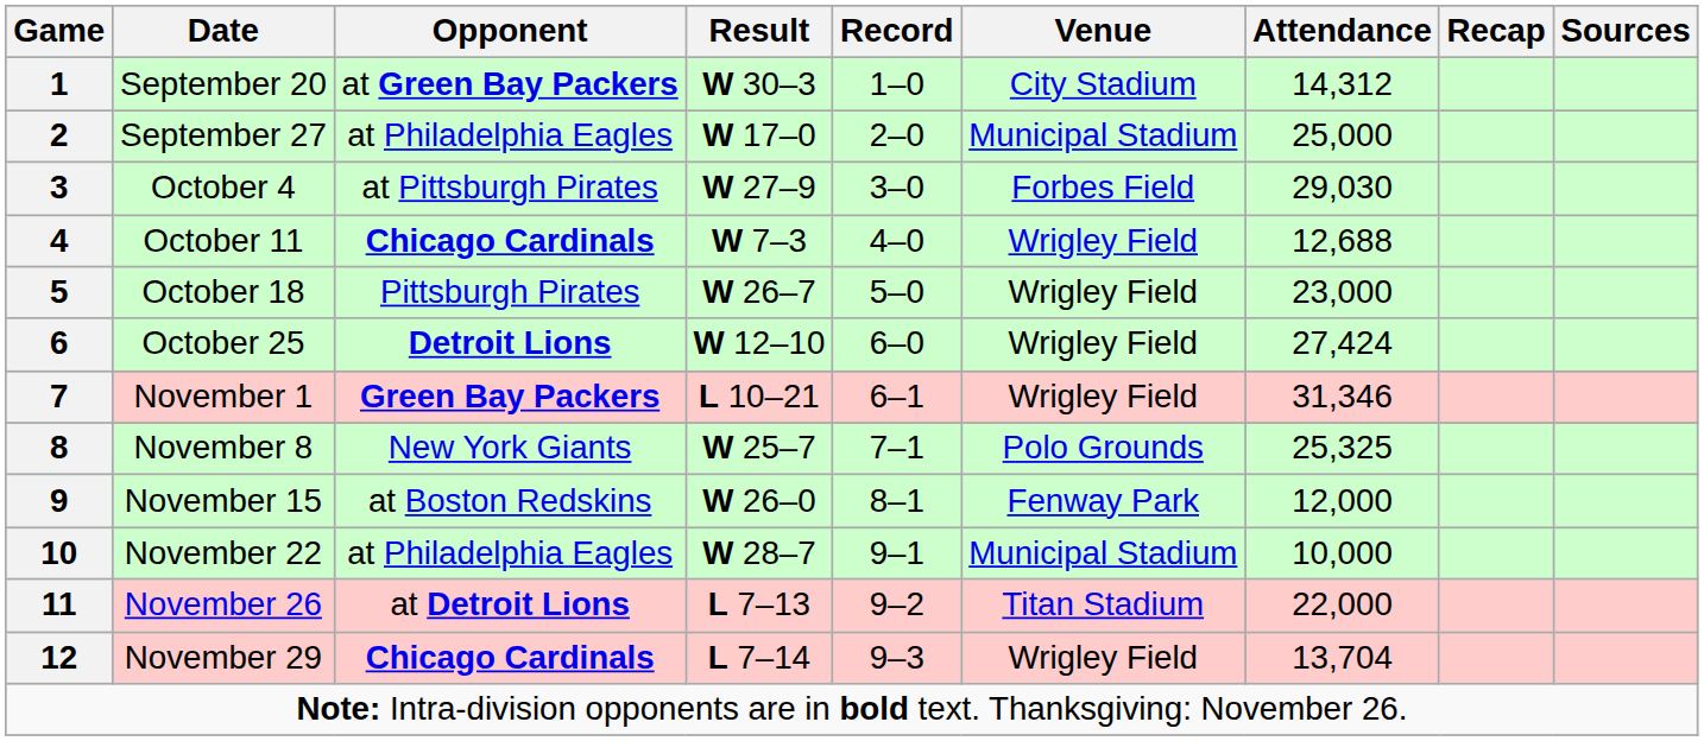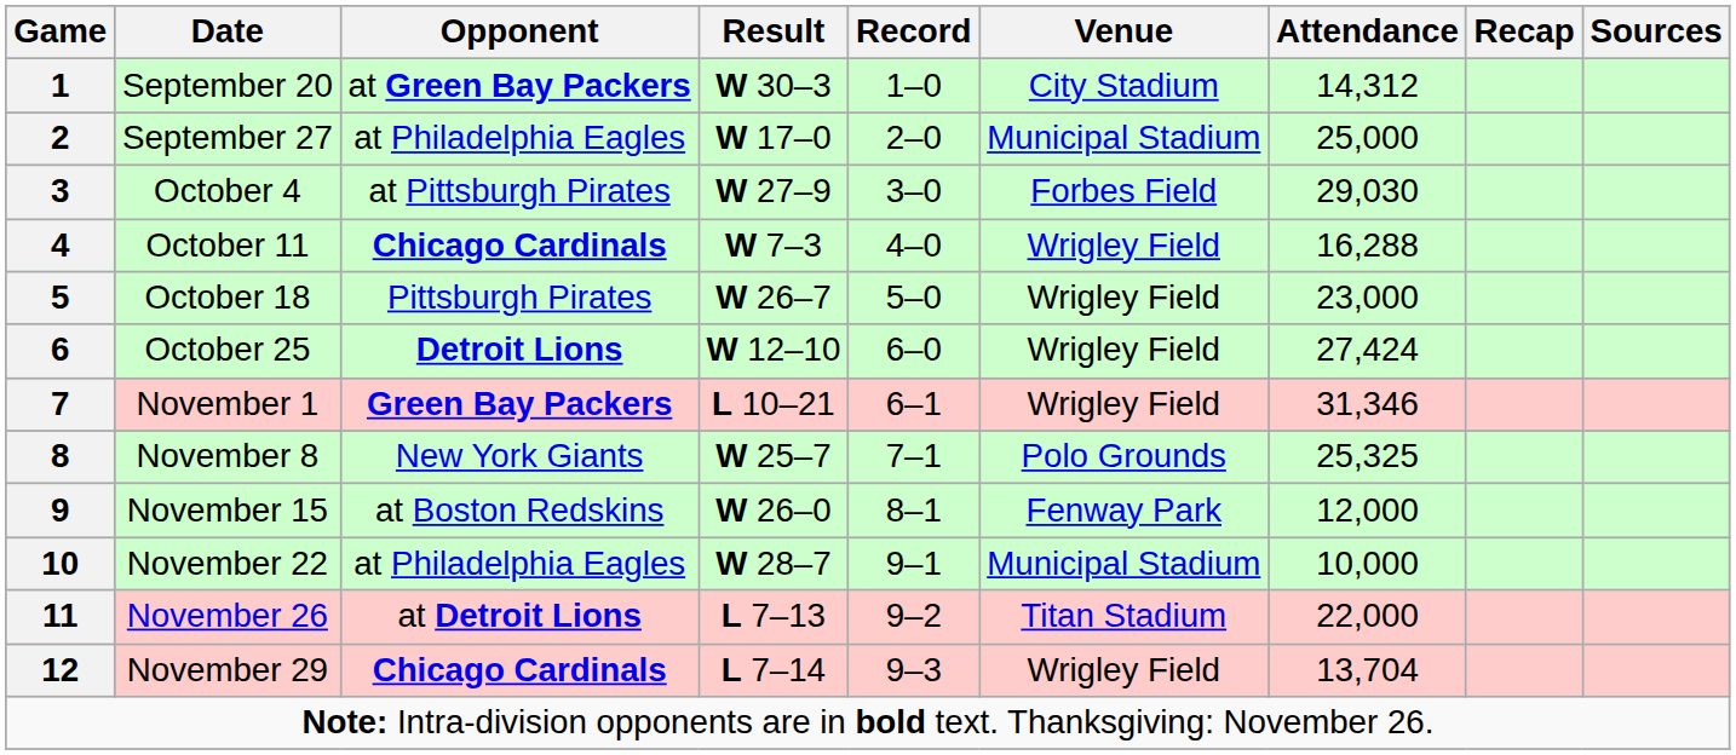 <table class="wikitable" style="text-align:center">
 <tr>
 <th>Game</th>
 <th>Date</th>
 <th>Opponent</th>
 <th>Result</th>
 <th>Record</th>
 <th>Venue</th>
 <th>Attendance</th>
 <th>Recap</th>
 <th>Sources</th>
 </tr>
 <tr style="background:#cfc">
 <th>1</th>
 <td>September 20</td>
 <td>at <strong><a href='#'>Green Bay Packers</a></strong></td>
 <td><strong>W</strong> 30–3</td>
 <td>1–0</td>
 <td><a href='#'>City Stadium</a></td>
 <td>14,312</td>
 <td></td>
 <td></td>
 </tr>
 <tr style="background:#cfc">
 <th>2</th>
 <td>September 27</td>
 <td>at <a href='#'>Philadelphia Eagles</a></td>
 <td><strong>W</strong> 17–0</td>
 <td>2–0</td>
 <td><a href='#'>Municipal Stadium</a></td>
 <td>25,000</td>
 <td></td>
 <td></td>
 </tr>
 <tr style="background:#cfc">
 <th>3</th>
 <td>October 4</td>
 <td>at <a href='#'>Pittsburgh Pirates</a></td>
 <td><strong>W</strong> 27–9</td>
 <td>3–0</td>
 <td><a href='#'>Forbes Field</a></td>
 <td>29,030</td>
 <td></td>
 <td></td>
 </tr>
 <tr style="background:#cfc">
 <th>4</th>
 <td>October 11</td>
 <td><strong><a href='#'>Chicago Cardinals</a></strong></td>
 <td><strong>W</strong> 7–3</td>
 <td>4–0</td>
 <td><a href='#'>Wrigley Field</a></td>
-<td>12,688</td>
+<td>16,288</td>
 <td></td>
 <td></td>
 </tr>
 <tr style="background:#cfc">
 <th>5</th>
 <td>October 18</td>
 <td><a href='#'>Pittsburgh Pirates</a></td>
 <td><strong>W</strong> 26–7</td>
 <td>5–0</td>
 <td>Wrigley Field</td>
 <td>23,000</td>
 <td></td>
 <td></td>
 </tr>
 <tr style="background:#cfc">
 <th>6</th>
 <td>October 25</td>
 <td><strong><a href='#'>Detroit Lions</a></strong></td>
 <td><strong>W</strong> 12–10</td>
 <td>6–0</td>
 <td>Wrigley Field</td>
 <td>27,424</td>
 <td></td>
 <td></td>
 </tr>
 <tr style="background:#fcc">
 <th>7</th>
 <td>November 1</td>
 <td><strong><a href='#'>Green Bay Packers</a></strong></td>
 <td><strong>L</strong> 10–21</td>
 <td>6–1</td>
 <td>Wrigley Field</td>
 <td>31,346</td>
 <td></td>
 <td></td>
 </tr>
 <tr style="background:#cfc">
 <th>8</th>
 <td>November 8</td>
 <td><a href='#'>New York Giants</a></td>
 <td><strong>W</strong> 25–7</td>
 <td>7–1</td>
 <td><a href='#'>Polo Grounds</a></td>
 <td>25,325</td>
 <td></td>
 <td></td>
 </tr>
 <tr style="background:#cfc">
 <th>9</th>
 <td>November 15</td>
 <td>at <a href='#'>Boston Redskins</a></td>
 <td><strong>W</strong> 26–0</td>
 <td>8–1</td>
 <td><a href='#'>Fenway Park</a></td>
 <td>12,000</td>
 <td></td>
 <td></td>
 </tr>
 <tr style="background:#cfc">
 <th>10</th>
 <td>November 22</td>
 <td>at <a href='#'>Philadelphia Eagles</a></td>
 <td><strong>W</strong> 28–7</td>
 <td>9–1</td>
 <td><a href='#'>Municipal Stadium</a></td>
 <td>10,000</td>
 <td></td>
 <td></td>
 </tr>
 <tr style="background:#fcc">
 <th>11</th>
 <td><a href='#'>November 26</a></td>
 <td>at <strong><a href='#'>Detroit Lions</a></strong></td>
 <td><strong>L</strong> 7–13</td>
 <td>9–2</td>
 <td><a href='#'>Titan Stadium</a></td>
 <td>22,000</td>
 <td></td>
 <td></td>
 </tr>
 <tr style="background:#fcc">
 <th>12</th>
 <td>November 29</td>
 <td><strong><a href='#'>Chicago Cardinals</a></strong></td>
 <td><strong>L</strong> 7–14</td>
 <td>9–3</td>
 <td>Wrigley Field</td>
 <td>13,704</td>
 <td></td>
 <td></td>
 </tr>
 <tr>
 <td colspan="10"><strong>Note:</strong> Intra-division opponents are in <strong>bold</strong> text. Thanksgiving: November 26.</td>
 </tr>
 </table>
